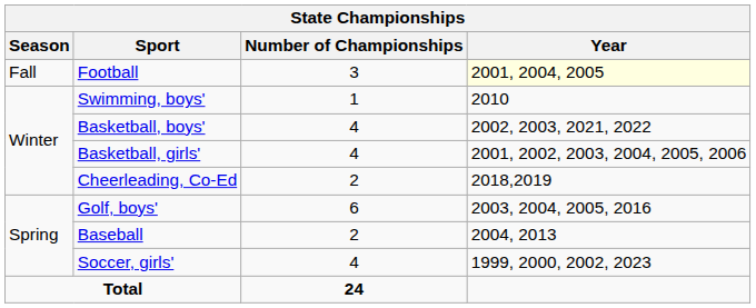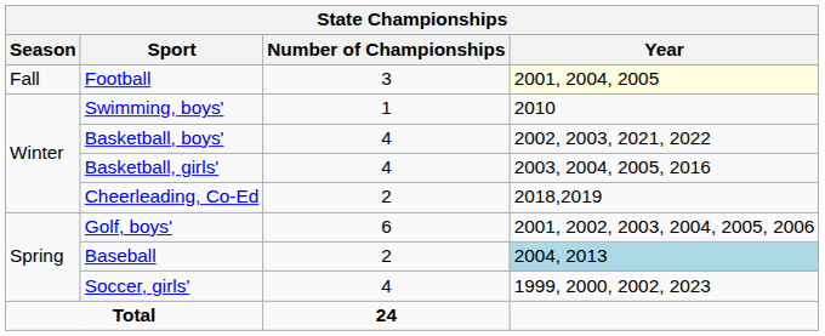 <table class="wikitable">
 <tr>
 <th colspan=4>State Championships</th>
 </tr>
 <tr>
 <th>Season</th>
 <th>Sport</th>
 <th>Number of Championships</th>
 <th>Year</th>
 </tr>
 <tr>
 <td>Fall</td>
 <td><a href='#'>Football</a></td>
 <td style="text-align:center;">3</td>
 <td style="background: lightyellow;">2001, 2004, 2005</td>
 </tr>
 <tr>
 <td rowspan=4>Winter</td>
 <td><a href='#'>Swimming, boys'</a></td>
 <td style="text-align:center;">1</td>
 <td>2010</td>
 </tr>
 <tr>
 <td><a href='#'>Basketball, boys'</a></td>
 <td style="text-align:center;">4</td>
 <td>2002, 2003, 2021, 2022</td>
 </tr>
 <tr>
 <td><a href='#'>Basketball, girls'</a></td>
 <td style="text-align:center;">4</td>
-<td>2001, 2002, 2003, 2004, 2005, 2006</td>
+<td>2003, 2004, 2005, 2016</td>
 </tr>
 <tr>
 <td><a href='#'>Cheerleading, Co-Ed</a></td>
 <td style="text-align:center;">2</td>
 <td>2018,2019</td>
 </tr>
 <tr>
 <td rowspan=3>Spring</td>
 <td><a href='#'>Golf, boys'</a></td>
 <td style="text-align:center;">6</td>
-<td>2003, 2004, 2005, 2016</td>
+<td>2001, 2002, 2003, 2004, 2005, 2006</td>
 </tr>
 <tr>
 <td><a href='#'>Baseball</a></td>
 <td style="text-align:center;">2</td>
-<td>2004, 2013</td>
+<td style="background: lightblue;">2004, 2013</td>
 </tr>
 <tr>
 <td><a href='#'>Soccer, girls'</a></td>
 <td style="text-align:center;">4</td>
 <td>1999, 2000, 2002, 2023</td>
 </tr>
 <tr>
 <td style="text-align:center;" colspan=2><strong>Total</strong></td>
 <td style="text-align:center;"><strong>24</strong></td>
 <td></td>
 </tr>
 </table>
